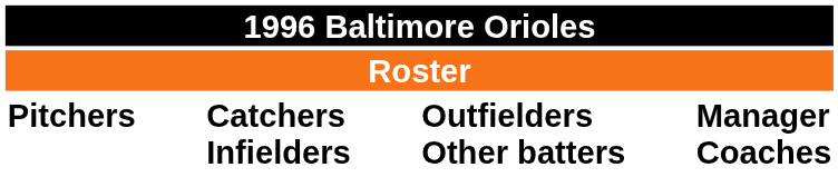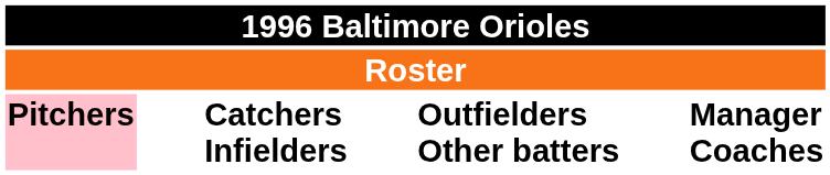 <table class="toccolours" style="font-size: 95%;">
 <tr>
 <th colspan="10" style="background:black; color:#fff; text-align:center;">1996 Baltimore Orioles</th>
 </tr>
 <tr>
 <td colspan="10" style="background:#f87217; color:white; text-align:center;"><strong>Roster</strong></td>
 </tr>
 <tr>
-<td valign="top"><strong>Pitchers</strong><br>                     </td>
+<td valign="top" style="background: pink;"><strong>Pitchers</strong><br>                     </td>
 <td style="width:25px;"></td>
 <td valign="top"><strong>Catchers</strong><br>    <strong>Infielders</strong>        </td>
 <td style="width:25px;"></td>
 <td valign="top"><strong>Outfielders</strong><br>          <strong>Other batters</strong> </td>
 <td style="width:25px;"></td>
 <td valign="top"><strong>Manager</strong><br> <strong>Coaches</strong>      </td>
 </tr>
 </table>
